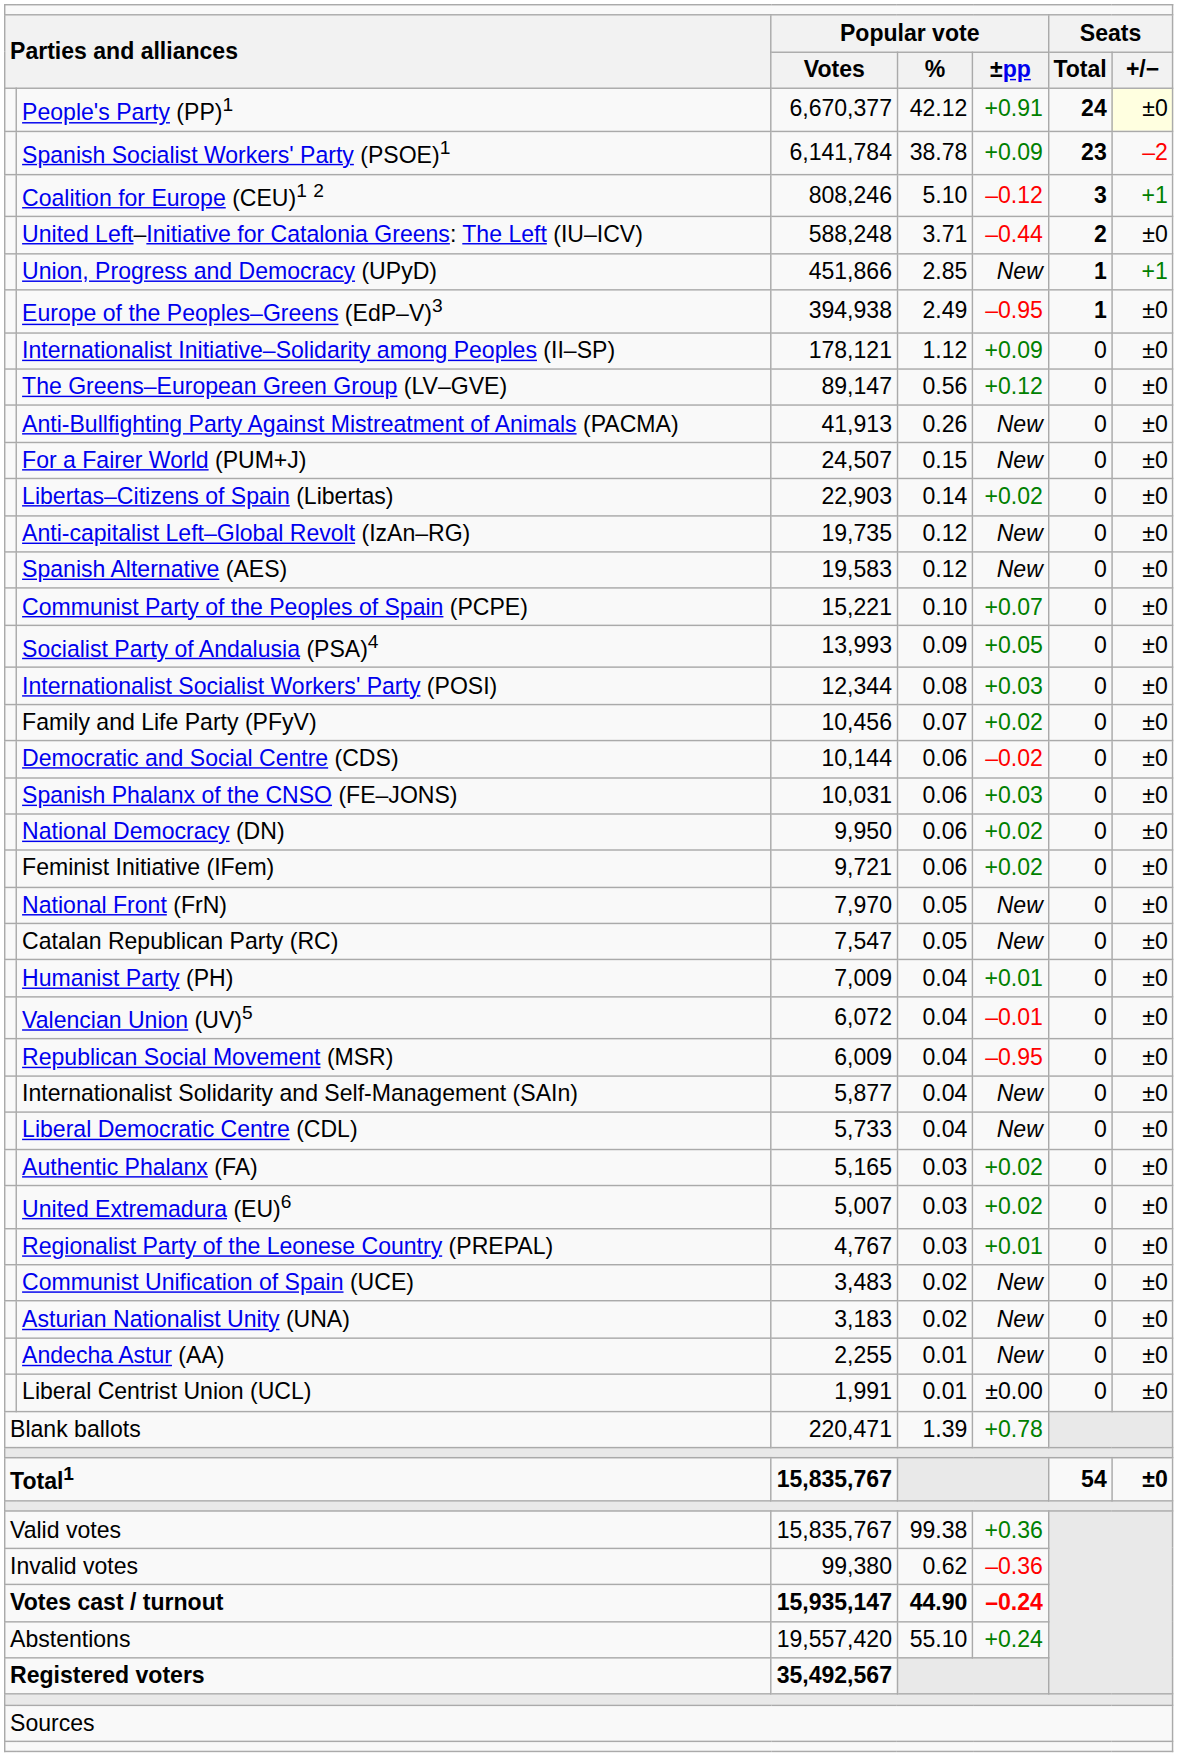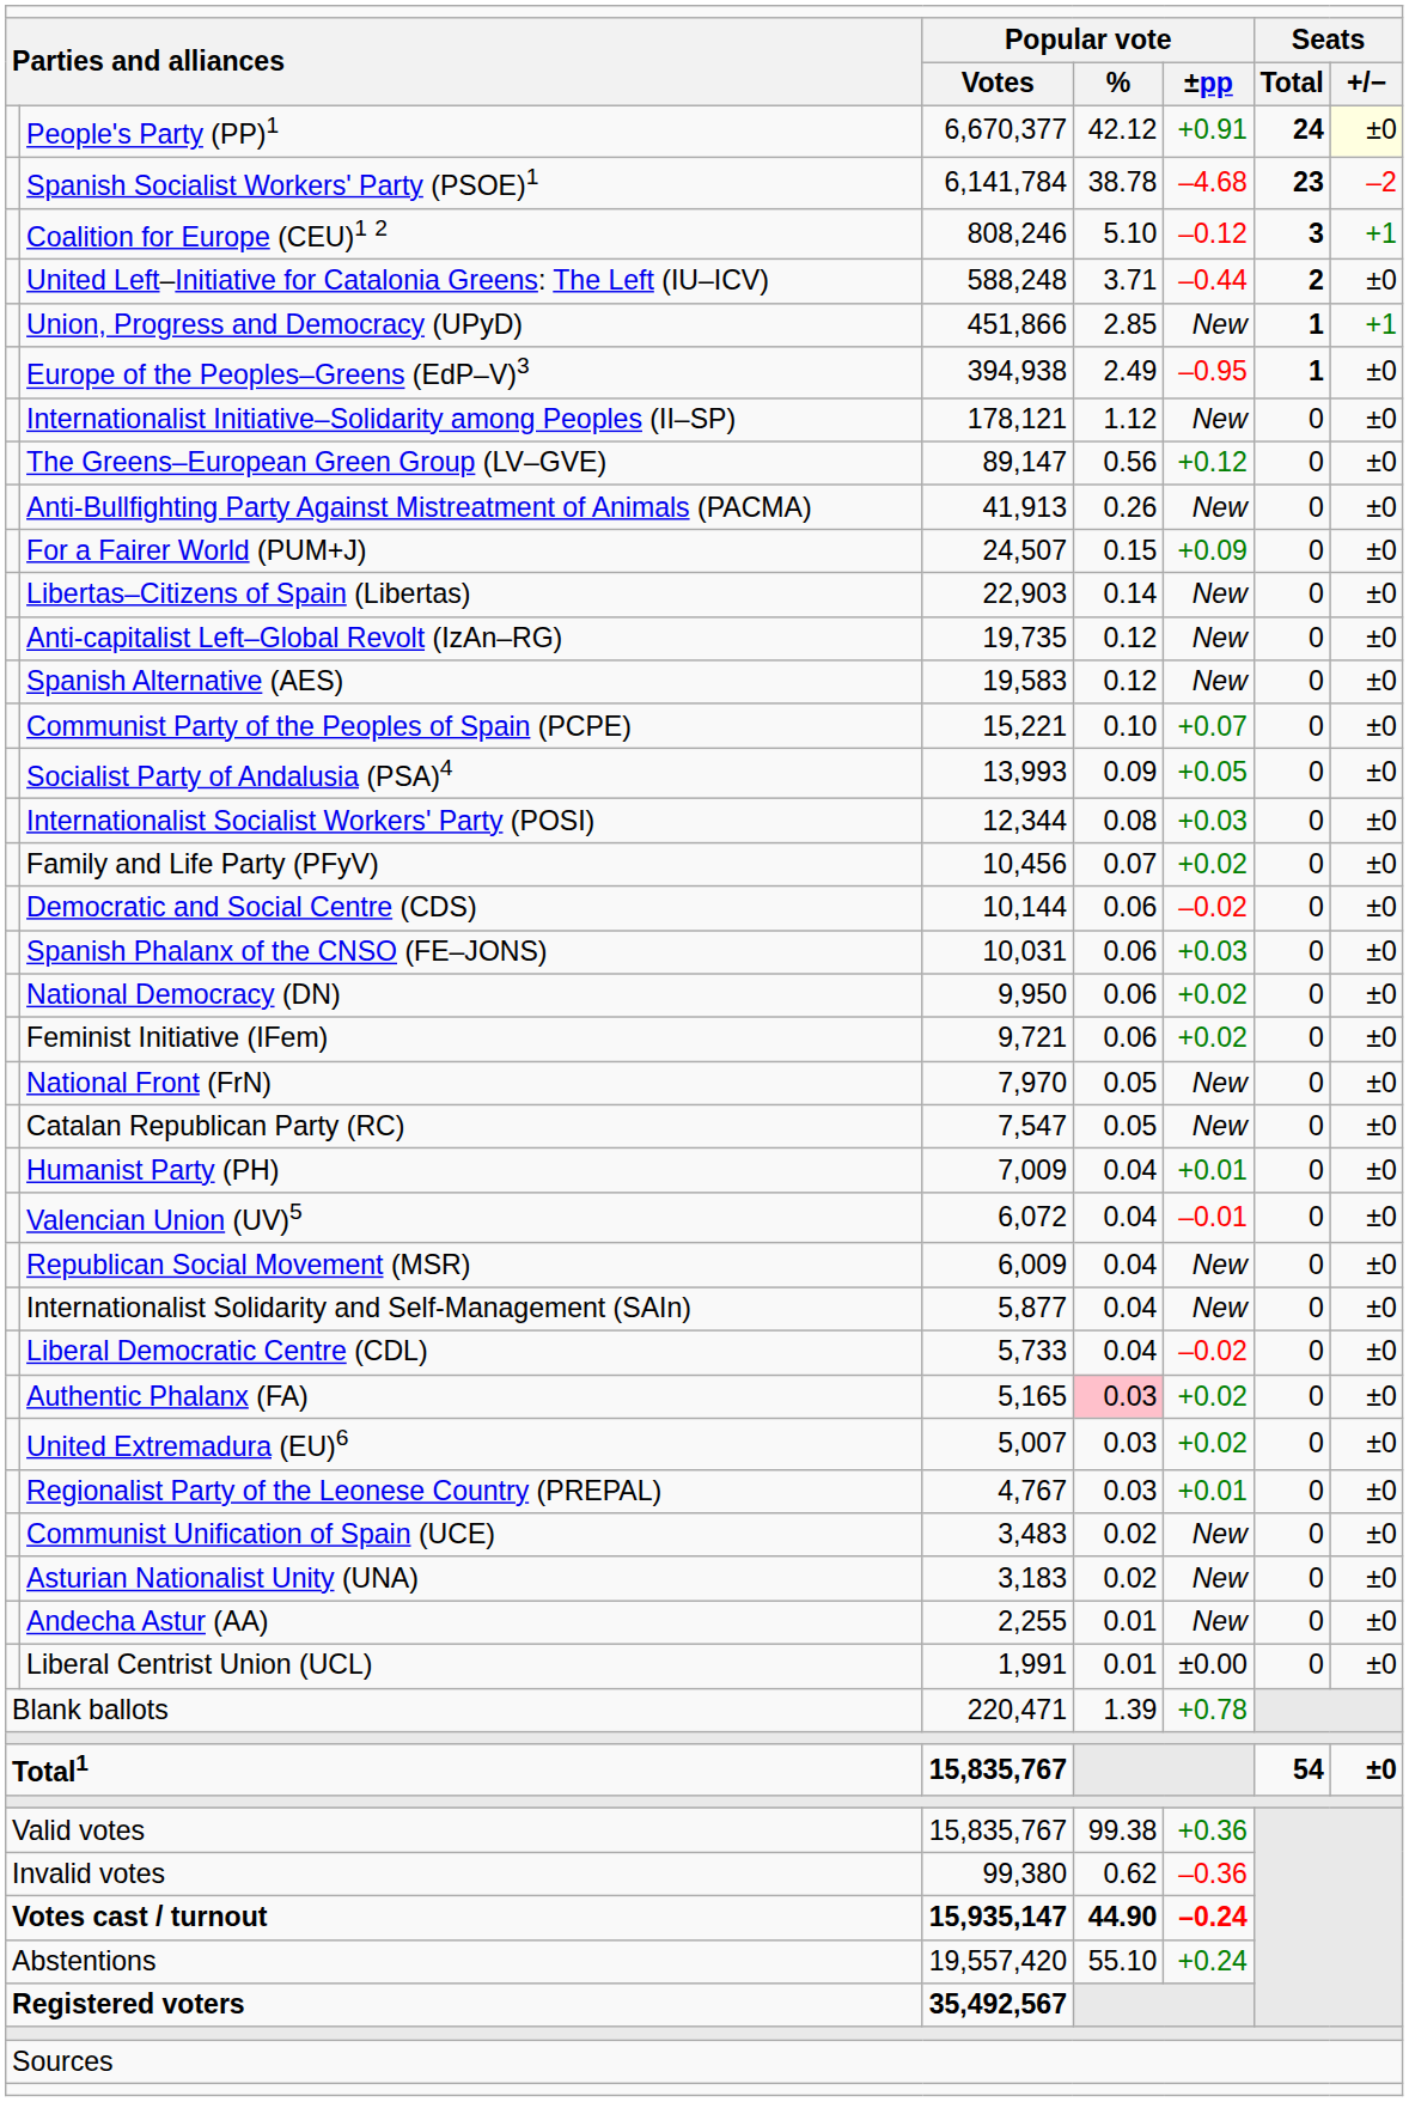 <table class="wikitable" style="text-align:right">
 <tr>
 <td colspan="7"></td>
 </tr>
 <tr>
 <th style="text-align:left;" rowspan="2" colspan="2" width="525">Parties and alliances</th>
 <th colspan="3">Popular vote</th>
 <th colspan="2">Seats</th>
 </tr>
 <tr>
 <th width="75">Votes</th>
 <th width="45">%</th>
 <th width="45">±<a href='#'>pp</a></th>
 <th width="35">Total</th>
 <th width="35">+/−</th>
 </tr>
 <tr>
 <td width="1" style="color:inherit;background:"></td>
 <td align="left"><a href='#'>People's Party</a> (PP)<sup>1</sup></td>
 <td>6,670,377</td>
 <td>42.12</td>
 <td style="color:green;">+0.91</td>
 <td><strong>24</strong></td>
 <td style="background: lightyellow;">±0</td>
 </tr>
 <tr>
 <td style="color:inherit;background:"></td>
 <td align="left"><a href='#'>Spanish Socialist Workers' Party</a> (PSOE)<sup>1</sup></td>
 <td>6,141,784</td>
 <td>38.78</td>
-<td style="color:green;">+0.09</td>
+<td style="color:red;">–4.68</td>
 <td><strong>23</strong></td>
 <td style="color:red;">–2</td>
 </tr>
 <tr>
 <td style="color:inherit;background:"></td>
 <td align="left"><a href='#'>Coalition for Europe</a> (CEU)<sup>1</sup> <sup>2</sup></td>
 <td>808,246</td>
 <td>5.10</td>
 <td style="color:red;">–0.12</td>
 <td><strong>3</strong></td>
 <td style="color:green;">+1</td>
 </tr>
 <tr>
 <td style="color:inherit;background:"></td>
 <td align="left"><a href='#'>United Left</a>–<a href='#'>Initiative for Catalonia Greens</a>: <a href='#'>The Left</a> (IU–ICV)</td>
 <td>588,248</td>
 <td>3.71</td>
 <td style="color:red;">–0.44</td>
 <td><strong>2</strong></td>
 <td>±0</td>
 </tr>
 <tr>
 <td style="color:inherit;background:"></td>
 <td align="left"><a href='#'>Union, Progress and Democracy</a> (UPyD)</td>
 <td>451,866</td>
 <td>2.85</td>
 <td><em>New</em></td>
 <td><strong>1</strong></td>
 <td style="color:green;">+1</td>
 </tr>
 <tr>
 <td style="color:inherit;background:"></td>
 <td align="left"><a href='#'>Europe of the Peoples–Greens</a> (EdP–V)<sup>3</sup></td>
 <td>394,938</td>
 <td>2.49</td>
 <td style="color:red;">–0.95</td>
 <td><strong>1</strong></td>
 <td>±0</td>
 </tr>
 <tr>
 <td style="color:inherit;background:"></td>
 <td align="left"><a href='#'>Internationalist Initiative–Solidarity among Peoples</a> (II–SP)</td>
 <td>178,121</td>
 <td>1.12</td>
-<td style="color:green;">+0.09</td>
+<td><em>New</em></td>
 <td>0</td>
 <td>±0</td>
 </tr>
 <tr>
 <td style="color:inherit;background:"></td>
 <td align="left"><a href='#'>The Greens–European Green Group</a> (LV–GVE)</td>
 <td>89,147</td>
 <td>0.56</td>
 <td style="color:green;">+0.12</td>
 <td>0</td>
 <td>±0</td>
 </tr>
 <tr>
 <td style="color:inherit;background:"></td>
 <td align="left"><a href='#'>Anti-Bullfighting Party Against Mistreatment of Animals</a> (PACMA)</td>
 <td>41,913</td>
 <td>0.26</td>
 <td><em>New</em></td>
 <td>0</td>
 <td>±0</td>
 </tr>
 <tr>
 <td style="color:inherit;background:"></td>
 <td align="left"><a href='#'>For a Fairer World</a> (PUM+J)</td>
 <td>24,507</td>
 <td>0.15</td>
-<td><em>New</em></td>
+<td style="color:green;">+0.09</td>
 <td>0</td>
 <td>±0</td>
 </tr>
 <tr>
 <td style="color:inherit;background:"></td>
 <td align="left"><a href='#'>Libertas–Citizens of Spain</a> (Libertas)</td>
 <td>22,903</td>
 <td>0.14</td>
-<td style="color:green;">+0.02</td>
+<td><em>New</em></td>
 <td>0</td>
 <td>±0</td>
 </tr>
 <tr>
 <td style="color:inherit;background:"></td>
 <td align="left"><a href='#'>Anti-capitalist Left–Global Revolt</a> (IzAn–RG)</td>
 <td>19,735</td>
 <td>0.12</td>
 <td><em>New</em></td>
 <td>0</td>
 <td>±0</td>
 </tr>
 <tr>
 <td style="color:inherit;background:"></td>
 <td align="left"><a href='#'>Spanish Alternative</a> (AES)</td>
 <td>19,583</td>
 <td>0.12</td>
 <td><em>New</em></td>
 <td>0</td>
 <td>±0</td>
 </tr>
 <tr>
 <td style="color:inherit;background:"></td>
 <td align="left"><a href='#'>Communist Party of the Peoples of Spain</a> (PCPE)</td>
 <td>15,221</td>
 <td>0.10</td>
 <td style="color:green;">+0.07</td>
 <td>0</td>
 <td>±0</td>
 </tr>
 <tr>
 <td style="color:inherit;background:"></td>
 <td align="left"><a href='#'>Socialist Party of Andalusia</a> (PSA)<sup>4</sup></td>
 <td>13,993</td>
 <td>0.09</td>
 <td style="color:green;">+0.05</td>
 <td>0</td>
 <td>±0</td>
 </tr>
 <tr>
 <td style="color:inherit;background:"></td>
 <td align="left"><a href='#'>Internationalist Socialist Workers' Party</a> (POSI)</td>
 <td>12,344</td>
 <td>0.08</td>
 <td style="color:green;">+0.03</td>
 <td>0</td>
 <td>±0</td>
 </tr>
 <tr>
 <td style="color:inherit;background:"></td>
 <td align="left">Family and Life Party (PFyV)</td>
 <td>10,456</td>
 <td>0.07</td>
 <td style="color:green;">+0.02</td>
 <td>0</td>
 <td>±0</td>
 </tr>
 <tr>
 <td style="color:inherit;background:"></td>
 <td align="left"><a href='#'>Democratic and Social Centre</a> (CDS)</td>
 <td>10,144</td>
 <td>0.06</td>
 <td style="color:red;">–0.02</td>
 <td>0</td>
 <td>±0</td>
 </tr>
 <tr>
 <td style="color:inherit;background:"></td>
 <td align="left"><a href='#'>Spanish Phalanx of the CNSO</a> (FE–JONS)</td>
 <td>10,031</td>
 <td>0.06</td>
 <td style="color:green;">+0.03</td>
 <td>0</td>
 <td>±0</td>
 </tr>
 <tr>
 <td style="color:inherit;background:"></td>
 <td align="left"><a href='#'>National Democracy</a> (DN)</td>
 <td>9,950</td>
 <td>0.06</td>
 <td style="color:green;">+0.02</td>
 <td>0</td>
 <td>±0</td>
 </tr>
 <tr>
 <td style="color:inherit;background:"></td>
 <td align="left">Feminist Initiative (IFem)</td>
 <td>9,721</td>
 <td>0.06</td>
 <td style="color:green;">+0.02</td>
 <td>0</td>
 <td>±0</td>
 </tr>
 <tr>
 <td style="color:inherit;background:"></td>
 <td align="left"><a href='#'>National Front</a> (FrN)</td>
 <td>7,970</td>
 <td>0.05</td>
 <td><em>New</em></td>
 <td>0</td>
 <td>±0</td>
 </tr>
 <tr>
 <td style="color:inherit;background:"></td>
 <td align="left">Catalan Republican Party (RC)</td>
 <td>7,547</td>
 <td>0.05</td>
 <td><em>New</em></td>
 <td>0</td>
 <td>±0</td>
 </tr>
 <tr>
 <td style="color:inherit;background:"></td>
 <td align="left"><a href='#'>Humanist Party</a> (PH)</td>
 <td>7,009</td>
 <td>0.04</td>
 <td style="color:green;">+0.01</td>
 <td>0</td>
 <td>±0</td>
 </tr>
 <tr>
 <td style="color:inherit;background:"></td>
 <td align="left"><a href='#'>Valencian Union</a> (UV)<sup>5</sup></td>
 <td>6,072</td>
 <td>0.04</td>
 <td style="color:red;">–0.01</td>
 <td>0</td>
 <td>±0</td>
 </tr>
 <tr>
 <td style="color:inherit;background:"></td>
 <td align="left"><a href='#'>Republican Social Movement</a> (MSR)</td>
 <td>6,009</td>
 <td>0.04</td>
-<td style="color:red;">–0.95</td>
+<td><em>New</em></td>
 <td>0</td>
 <td>±0</td>
 </tr>
 <tr>
 <td style="color:inherit;background:"></td>
 <td align="left">Internationalist Solidarity and Self-Management (SAIn)</td>
 <td>5,877</td>
 <td>0.04</td>
 <td><em>New</em></td>
 <td>0</td>
 <td>±0</td>
 </tr>
 <tr>
 <td style="color:inherit;background:"></td>
 <td align="left"><a href='#'>Liberal Democratic Centre</a> (CDL)</td>
 <td>5,733</td>
 <td>0.04</td>
-<td><em>New</em></td>
+<td style="color:red;">–0.02</td>
 <td>0</td>
 <td>±0</td>
 </tr>
 <tr>
 <td style="color:inherit;background:"></td>
 <td align="left"><a href='#'>Authentic Phalanx</a> (FA)</td>
 <td>5,165</td>
-<td>0.03</td>
+<td style="background: pink;">0.03</td>
 <td style="color:green;">+0.02</td>
 <td>0</td>
 <td>±0</td>
 </tr>
 <tr>
 <td style="color:inherit;background:"></td>
 <td align="left"><a href='#'>United Extremadura</a> (EU)<sup>6</sup></td>
 <td>5,007</td>
 <td>0.03</td>
 <td style="color:green;">+0.02</td>
 <td>0</td>
 <td>±0</td>
 </tr>
 <tr>
 <td style="color:inherit;background:"></td>
 <td align="left"><a href='#'>Regionalist Party of the Leonese Country</a> (PREPAL)</td>
 <td>4,767</td>
 <td>0.03</td>
 <td style="color:green;">+0.01</td>
 <td>0</td>
 <td>±0</td>
 </tr>
 <tr>
 <td style="color:inherit;background:"></td>
 <td align="left"><a href='#'>Communist Unification of Spain</a> (UCE)</td>
 <td>3,483</td>
 <td>0.02</td>
 <td><em>New</em></td>
 <td>0</td>
 <td>±0</td>
 </tr>
 <tr>
 <td style="color:inherit;background:"></td>
 <td align="left"><a href='#'>Asturian Nationalist Unity</a> (UNA)</td>
 <td>3,183</td>
 <td>0.02</td>
 <td><em>New</em></td>
 <td>0</td>
 <td>±0</td>
 </tr>
 <tr>
 <td style="color:inherit;background:"></td>
 <td align="left"><a href='#'>Andecha Astur</a> (AA)</td>
 <td>2,255</td>
 <td>0.01</td>
 <td><em>New</em></td>
 <td>0</td>
 <td>±0</td>
 </tr>
 <tr>
 <td style="color:inherit;background:"></td>
 <td align="left">Liberal Centrist Union (UCL)</td>
 <td>1,991</td>
 <td>0.01</td>
 <td>±0.00</td>
 <td>0</td>
 <td>±0</td>
 </tr>
 <tr>
 <td align="left" colspan="2">Blank ballots</td>
 <td>220,471</td>
 <td>1.39</td>
 <td style="color:green;">+0.78</td>
 <td bgcolor="#E9E9E9" colspan="2"></td>
 </tr>
 <tr>
 <td colspan="7" bgcolor="#E9E9E9"></td>
 </tr>
 <tr style="font-weight:bold;">
 <td align="left" colspan="2">Total<sup>1</sup></td>
 <td>15,835,767</td>
 <td bgcolor="#E9E9E9" colspan="2"></td>
 <td>54</td>
 <td>±0</td>
 </tr>
 <tr>
 <td colspan="7" bgcolor="#E9E9E9"></td>
 </tr>
 <tr>
 <td align="left" colspan="2">Valid votes</td>
 <td>15,835,767</td>
 <td>99.38</td>
 <td style="color:green;">+0.36</td>
 <td bgcolor="#E9E9E9" colspan="2" rowspan="5"></td>
 </tr>
 <tr>
 <td align="left" colspan="2">Invalid votes</td>
 <td>99,380</td>
 <td>0.62</td>
 <td style="color:red;">–0.36</td>
 </tr>
 <tr style="font-weight:bold;">
 <td align="left" colspan="2">Votes cast / turnout</td>
 <td>15,935,147</td>
 <td>44.90</td>
 <td style="color:red;">–0.24</td>
 </tr>
 <tr>
 <td align="left" colspan="2">Abstentions</td>
 <td>19,557,420</td>
 <td>55.10</td>
 <td style="color:green;">+0.24</td>
 </tr>
 <tr style="font-weight:bold;">
 <td align="left" colspan="2">Registered voters</td>
 <td>35,492,567</td>
 <td bgcolor="#E9E9E9" colspan="2"></td>
 </tr>
 <tr>
 <td colspan="7" bgcolor="#E9E9E9"></td>
 </tr>
 <tr>
 <td align="left" colspan="7">Sources</td>
 </tr>
 <tr>
 <td colspan="7" style="text-align:left; max-width:790px;"></td>
 </tr>
 </table>
